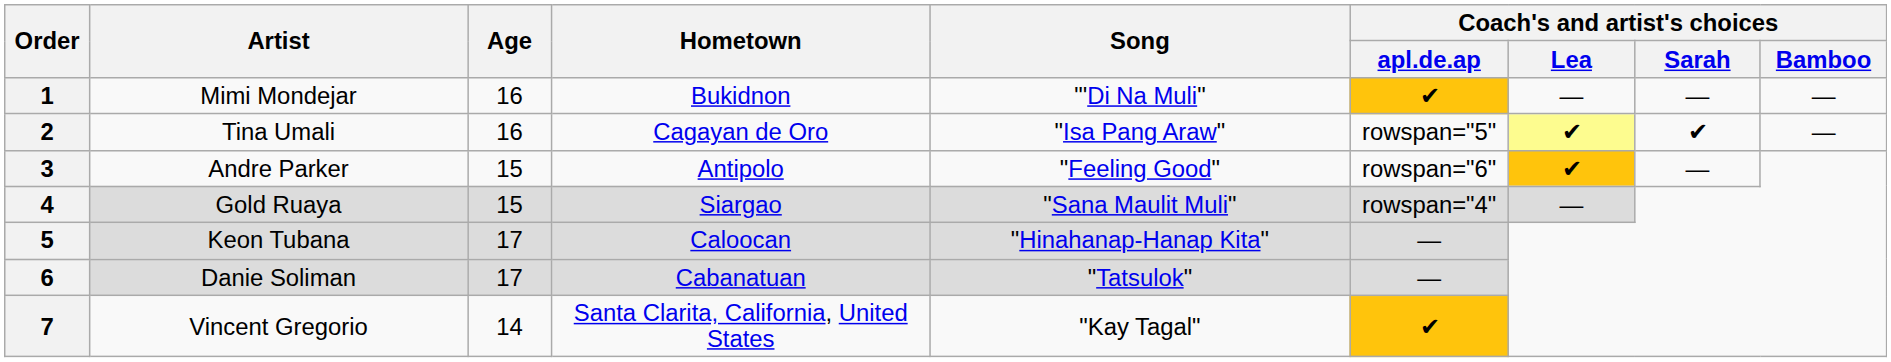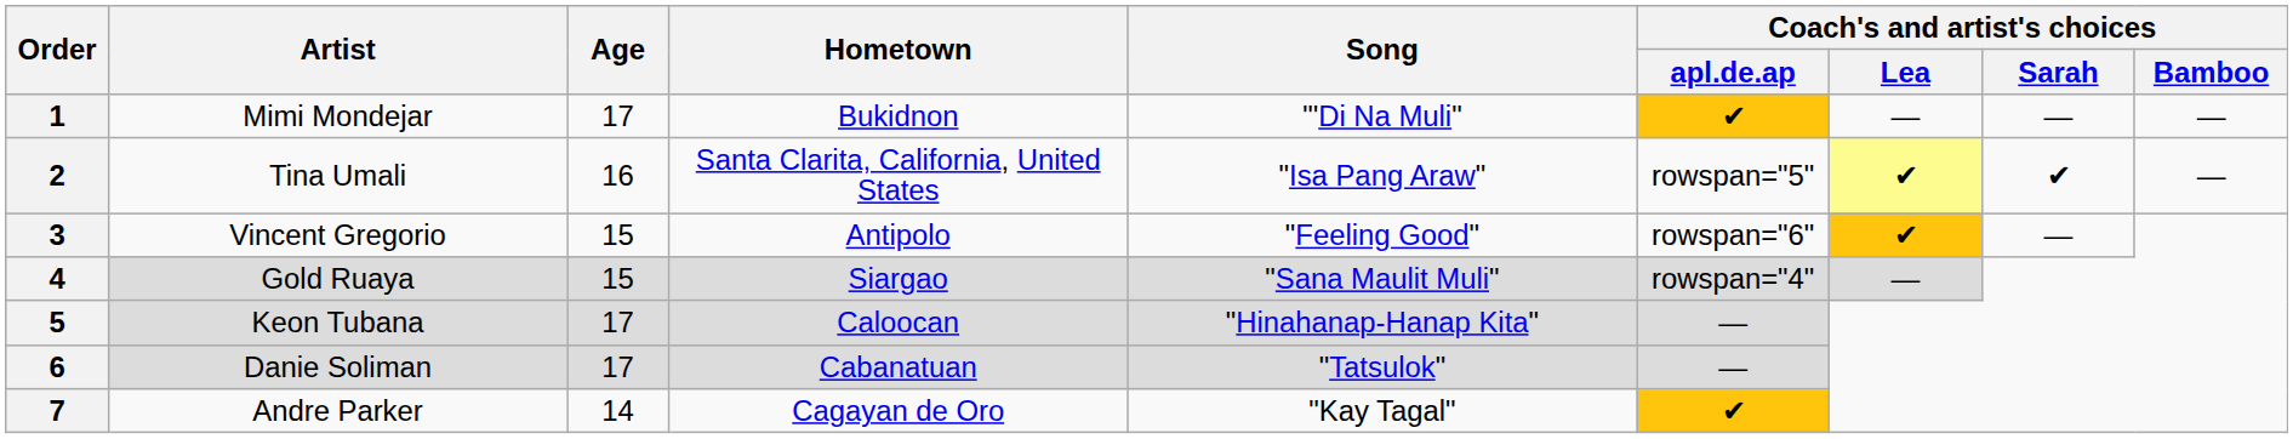 <table class="wikitable" style="text-align:center; line-height:17px; width:100%;">
 <tr>
 <th rowspan="2" scope="col" style="width:04%;">Order</th>
 <th rowspan="2" scope="col" style="width:18%;">Artist</th>
 <th rowspan="2" scope="col" style="width:04%;">Age</th>
 <th rowspan="2" scope="col" style="width:18%;">Hometown</th>
 <th rowspan="2" scope="col" style="width:20%;">Song</th>
 <th colspan="4" scope="col" style="width:24%;">Coach's and artist's choices</th>
 </tr>
 <tr>
 <th style="width:06%;"><a href='#'>apl.de.ap</a></th>
 <th style="width:06%;"><a href='#'>Lea</a></th>
 <th style="width:06%;"><a href='#'>Sarah</a></th>
 <th style="width:06%;"><a href='#'>Bamboo</a></th>
 </tr>
 <tr>
 <th>1</th>
 <td>Mimi Mondejar</td>
-<td>16</td>
+<td>17</td>
 <td><a href='#'>Bukidnon</a></td>
 <td>"'<a href='#'>Di Na Muli</a>"</td>
 <td style="background:#ffc40c;">✔</td>
 <td>—</td>
 <td>—</td>
 <td>—</td>
 </tr>
 <tr>
 <th>2</th>
 <td>Tina Umali</td>
 <td>16</td>
-<td><a href='#'>Cagayan de Oro</a></td>
+<td><a href='#'>Santa Clarita, California</a>, <a href='#'>United States</a></td>
 <td>"<a href='#'>Isa Pang Araw</a>"</td>
 <td>rowspan="5" </td>
 <td style="background:#fdfc8f;">✔</td>
 <td>✔</td>
 <td>—</td>
 </tr>
 <tr>
 <th>3</th>
-<td>Andre Parker</td>
+<td>Vincent Gregorio</td>
 <td>15</td>
 <td><a href='#'>Antipolo</a></td>
 <td>"<a href='#'>Feeling Good</a>"</td>
 <td>rowspan="6" </td>
 <td style="background:#ffc40c;">✔</td>
 <td>—</td>
 </tr>
 <tr bgcolor=#dcdcdc>
 <th>4</th>
 <td>Gold Ruaya</td>
 <td>15</td>
 <td><a href='#'>Siargao</a></td>
 <td>"<a href='#'>Sana Maulit Muli</a>"</td>
 <td>rowspan="4" </td>
 <td>—</td>
 </tr>
 <tr bgcolor=#dcdcdc>
 <th>5</th>
 <td>Keon Tubana</td>
 <td>17</td>
 <td><a href='#'>Caloocan</a></td>
 <td>"<a href='#'>Hinahanap-Hanap Kita</a>"</td>
 <td>—</td>
 </tr>
 <tr bgcolor=#dcdcdc>
 <th>6</th>
 <td>Danie Soliman</td>
 <td>17</td>
 <td><a href='#'>Cabanatuan</a></td>
 <td>"<a href='#'>Tatsulok</a>"</td>
 <td>—</td>
 </tr>
 <tr>
 <th>7</th>
-<td>Vincent Gregorio</td>
+<td>Andre Parker</td>
 <td>14</td>
-<td><a href='#'>Santa Clarita, California</a>, <a href='#'>United States</a></td>
+<td><a href='#'>Cagayan de Oro</a></td>
 <td>"Kay Tagal"</td>
 <td style="background:#ffc40c;">✔</td>
 </tr>
 </table>
